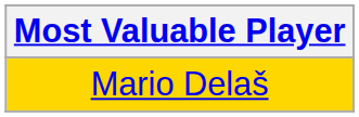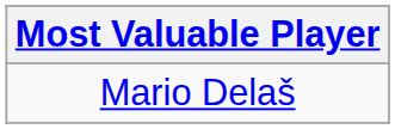 <table class=wikitable style="text-align:center; margin:auto">
 <tr>
 <th><a href='#'>Most Valuable Player</a></th>
 </tr>
 <tr>
-<td style="background: gold;"> <a href='#'>Mario Delaš</a></td>
+<td> <a href='#'>Mario Delaš</a></td>
 </tr>
 </table>
